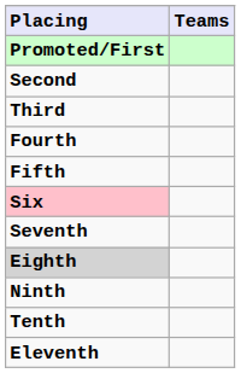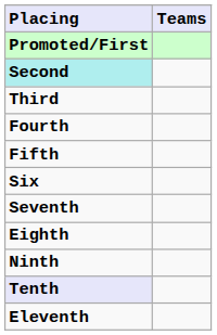 <table class=wikitable>
 <tr>
 </tr>
 <tr style="background: #E6E6FA;">
 <td><strong>Placing</strong></td>
 <td colspan="2" style="text-align:center"><strong>Teams</strong></td>
 </tr>
 <tr style="background: #ccffcc;">
 <td><strong>Promoted/First</strong></td>
 <td><strong></strong></td>
 </tr>
 <tr>
-<td><strong>Second</strong></td>
+<td style="background: paleturquoise;"><strong>Second</strong></td>
 <td></td>
 </tr>
 <tr>
 <td><strong>Third</strong></td>
 <td></td>
 </tr>
 <tr>
 <td><strong>Fourth</strong></td>
 <td></td>
 </tr>
 <tr>
 <td><strong>Fifth</strong></td>
 <td></td>
 </tr>
 <tr>
-<td style="background: pink;"><strong>Six</strong></td>
+<td><strong>Six</strong></td>
 <td></td>
 </tr>
 <tr>
 <td><strong>Seventh</strong></td>
 <td></td>
 </tr>
 <tr>
-<td style="background: lightgrey;"><strong>Eighth</strong></td>
+<td><strong>Eighth</strong></td>
 <td></td>
 </tr>
 <tr>
 <td><strong>Ninth</strong></td>
 <td></td>
 </tr>
 <tr>
-<td><strong>Tenth</strong></td>
+<td style="background: lavender;"><strong>Tenth</strong></td>
 <td></td>
 </tr>
 <tr>
 <td><strong>Eleventh</strong></td>
 <td></td>
 </tr>
 </table>
